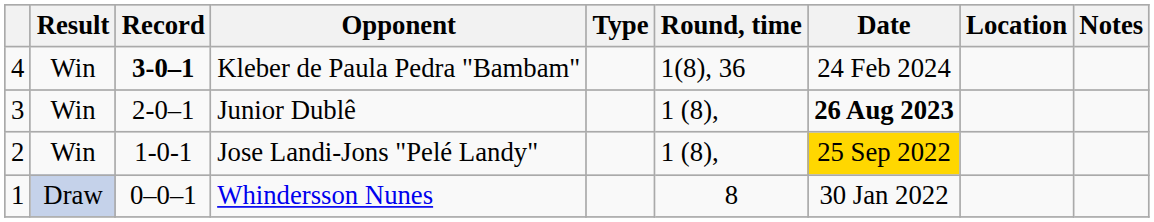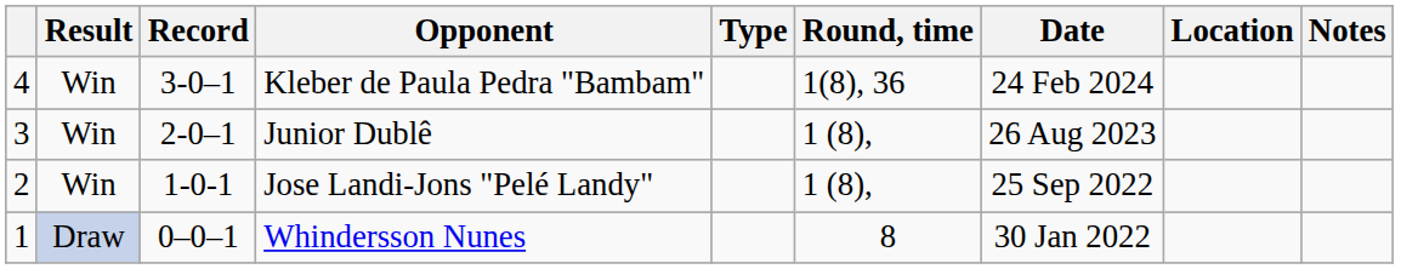 <table class="wikitable" style="text-align:center">
 <tr>
 <th></th>
 <th>Result</th>
 <th>Record</th>
 <th>Opponent</th>
 <th>Type</th>
 <th>Round, time</th>
 <th>Date</th>
 <th>Location</th>
 <th>Notes</th>
 </tr>
 <tr>
 <td>4</td>
 <td>Win</td>
-<td><strong>3-0–1</strong></td>
+<td>3-0–1</td>
 <td style="text-align:left;">Kleber de Paula Pedra "Bambam"</td>
 <td></td>
 <td style="text-align:left;">1(8), 36</td>
 <td>24 Feb 2024</td>
 <td style="text-align:left;"></td>
 <td></td>
 </tr>
 <tr>
 <td>3</td>
 <td>Win</td>
 <td>2-0–1</td>
 <td style="text-align:left;">Junior Dublê</td>
 <td></td>
 <td style="text-align:left;">1 (8), </td>
-<td><strong>26 Aug 2023</strong></td>
+<td>26 Aug 2023</td>
 <td style="text-align:left;"></td>
 <td style="text-align:left;"></td>
 </tr>
 <tr>
 <td>2</td>
 <td>Win</td>
 <td>1-0-1</td>
 <td style="text-align:left;">Jose Landi-Jons "Pelé Landy"</td>
 <td style="text-align:left;"></td>
 <td style="text-align:left;">1 (8), </td>
-<td style="background: gold;">25 Sep 2022</td>
+<td>25 Sep 2022</td>
 <td></td>
 </tr>
 <tr>
 <td>1</td>
 <td style="background:#c5d2ea; color:black; vertical-align:middle; text-align:center; " class="table-draw">Draw</td>
 <td>0–0–1</td>
 <td style="text-align:left;"><a href='#'>Whindersson Nunes</a></td>
 <td></td>
 <td>8</td>
 <td>30 Jan 2022</td>
 <td style="text-align:left;"></td>
 <td style="text-align:left;"></td>
 </tr>
 </table>
